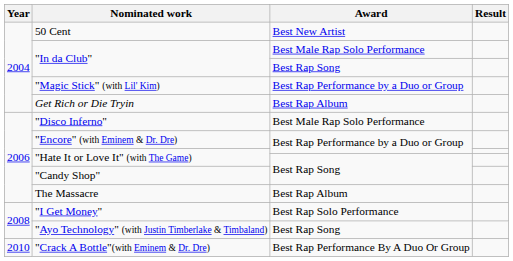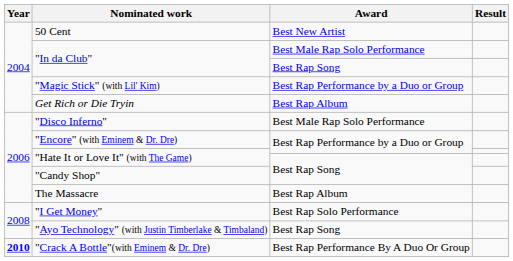 <table class="wikitable">
 <tr>
 <th>Year</th>
 <th>Nominated work</th>
 <th>Award</th>
 <th>Result</th>
 </tr>
 <tr>
 <td rowspan="5"><a href='#'>2004</a></td>
 <td>50 Cent</td>
 <td><a href='#'>Best New Artist</a></td>
 <td></td>
 </tr>
 <tr>
 <td rowspan="2">"<a href='#'>In da Club</a>"</td>
 <td><a href='#'>Best Male Rap Solo Performance</a></td>
 <td></td>
 </tr>
 <tr>
 <td><a href='#'>Best Rap Song</a></td>
 <td></td>
 </tr>
 <tr>
 <td>"<a href='#'>Magic Stick</a>" <small>(with <a href='#'>Lil' Kim</a>)</small></td>
 <td><a href='#'>Best Rap Performance by a Duo or Group</a></td>
 <td></td>
 </tr>
 <tr>
 <td><em>Get Rich or Die Tryin<strong></td>
 <td><a href='#'>Best Rap Album</a></td>
 <td></td>
 </tr>
 <tr>
 <td rowspan="6"><a href='#'>2006</a></td>
 <td>"<a href='#'>Disco Inferno</a>"</td>
 <td>Best Male Rap Solo Performance</td>
 <td></td>
 </tr>
 <tr>
 <td>"<a href='#'>Encore</a>" <small>(with <a href='#'>Eminem</a> & <a href='#'>Dr. Dre</a>)</small></td>
 <td rowspan="2">Best Rap Performance by a Duo or Group</td>
 <td></td>
 </tr>
 <tr>
 <td rowspan="2">"Hate It or Love It" <small>(with <a href='#'>The Game</a>)</small></td>
 <td></td>
 </tr>
 <tr>
 <td rowspan="2">Best Rap Song</td>
 <td></td>
 </tr>
 <tr>
 <td>"Candy Shop"</td>
 <td></td>
 </tr>
 <tr>
 <td></em>The Massacre<em></td>
 <td>Best Rap Album</td>
 <td></td>
 </tr>
 <tr>
 <td rowspan="2"><a href='#'>2008</a></td>
 <td>"<a href='#'>I Get Money</a>"</td>
 <td>Best Rap Solo Performance</td>
 <td></td>
 </tr>
 <tr>
 <td>"<a href='#'>Ayo Technology</a>" <small>(with <a href='#'>Justin Timberlake</a> & <a href='#'>Timbaland</a>)</small></td>
 <td>Best Rap Song</td>
 <td></td>
 </tr>
 <tr>
-<td><a href='#'>2010</a></td>
+<td><strong><a href='#'>2010</a></strong></td>
 <td>"<a href='#'>Crack A Bottle</a>"<small>(with <a href='#'>Eminem</a> & <a href='#'>Dr. Dre</a>)</small></td>
 <td>Best Rap Performance By A Duo Or Group</td>
 <td></td>
 </tr>
 </table>
